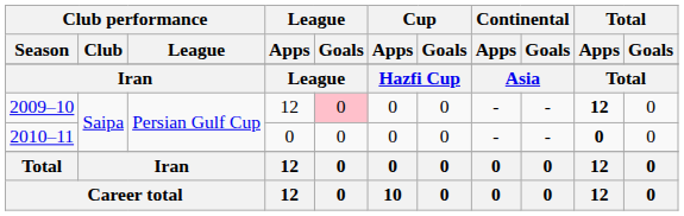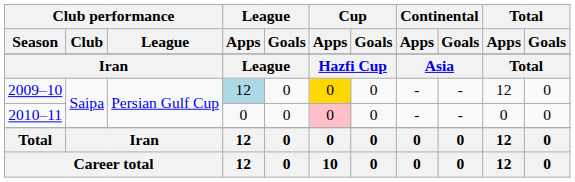 <table class="wikitable" style="text-align:center">
 <tr>
 <th colspan=3>Club performance</th>
 <th colspan=2>League</th>
 <th colspan=2>Cup</th>
 <th colspan=2>Continental</th>
 <th colspan=2>Total</th>
 </tr>
 <tr>
 <th>Season</th>
 <th>Club</th>
 <th>League</th>
 <th>Apps</th>
 <th>Goals</th>
 <th>Apps</th>
 <th>Goals</th>
 <th>Apps</th>
 <th>Goals</th>
 <th>Apps</th>
 <th>Goals</th>
 </tr>
 <tr>
 </tr>
 <tr>
 <th colspan=3>Iran</th>
 <th colspan=2>League</th>
 <th colspan=2><a href='#'>Hazfi Cup</a></th>
 <th colspan=2><a href='#'>Asia</a></th>
 <th colspan=2>Total</th>
 </tr>
 <tr>
 <td><a href='#'>2009–10</a></td>
 <td rowspan="2"><a href='#'>Saipa</a></td>
 <td rowspan="2"><a href='#'>Persian Gulf Cup</a></td>
-<td>12</td>
-<td style="background: pink;">0</td>
+<td style="background: lightblue;">12</td>
 <td>0</td>
+<td style="background: gold;">0</td>
 <td>0</td>
 <td>-</td>
 <td>-</td>
-<td><strong>12</strong></td>
+<td>12</td>
 <td>0</td>
 </tr>
 <tr>
 <td><a href='#'>2010–11</a></td>
 <td>0</td>
 <td>0</td>
-<td>0</td>
+<td style="background: pink;">0</td>
 <td>0</td>
 <td>-</td>
 <td>-</td>
-<td><strong>0</strong></td>
+<td>0</td>
 <td>0</td>
 </tr>
 <tr>
 </tr>
 <tr>
 <th rowspan=1>Total</th>
 <th colspan=2>Iran</th>
 <th>12</th>
 <th>0</th>
 <th>0</th>
 <th>0</th>
 <th>0</th>
 <th>0</th>
 <th>12</th>
 <th>0</th>
 </tr>
 <tr>
 <th colspan=3>Career total</th>
 <th>12</th>
 <th>0</th>
 <th>10</th>
 <th>0</th>
 <th>0</th>
 <th>0</th>
 <th>12</th>
 <th>0</th>
 </tr>
 </table>
